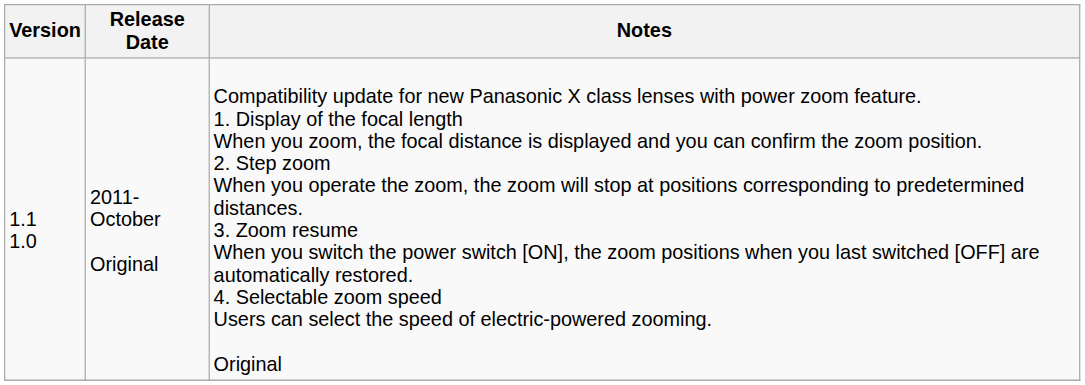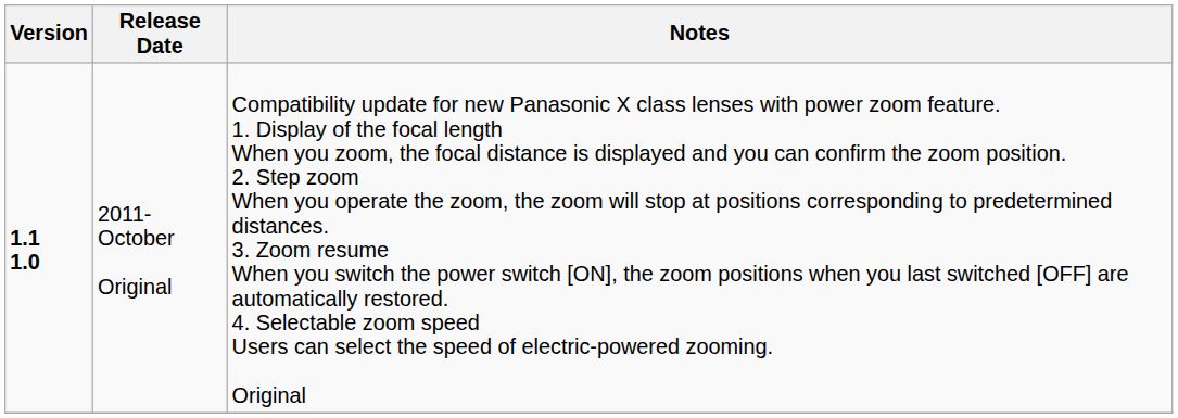 <table class="wikitable plainlinks" border="1">
 <tr>
 <th>Version</th>
 <th>Release Date</th>
 <th>Notes</th>
 </tr>
 <tr>
-<td><br>1.1<br>1.0</td>
+<td><strong><br>1.1<br>1.0</strong></td>
 <td><br>2011-October<br><br> Original</td>
 <td><br>Compatibility update for new Panasonic X class lenses with power zoom feature.<br> 1. Display of the focal length<br> When you zoom, the focal distance is displayed and you can confirm the zoom position.<br> 2. Step zoom<br> When you operate the zoom, the zoom will stop at positions corresponding to predetermined distances.<br> 3. Zoom resume<br> When you switch the power switch [ON], the zoom positions when you last switched [OFF] are automatically restored.<br> 4. Selectable zoom speed<br> Users can select the speed of electric-powered zooming.<br> <br> Original</td>
 </tr>
 <tr>
 </tr>
 </table>
